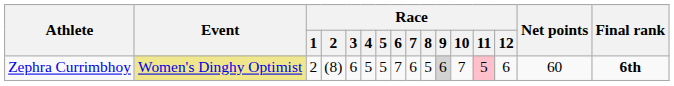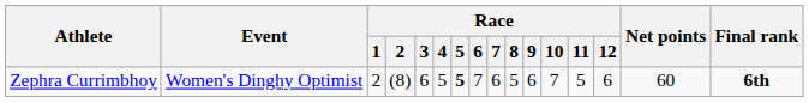 <table class="wikitable" border="1" style="font-size:90%">
 <tr>
 <th rowspan=2>Athlete</th>
 <th rowspan=2>Event</th>
 <th colspan=12>Race</th>
 <th rowspan=2>Net points</th>
 <th rowspan=2>Final rank</th>
 </tr>
 <tr>
 <th>1</th>
 <th>2</th>
 <th>3</th>
 <th>4</th>
 <th>5</th>
 <th>6</th>
 <th>7</th>
 <th>8</th>
 <th>9</th>
 <th>10</th>
 <th>11</th>
 <th>12</th>
 </tr>
 <tr align=center>
 <td align=left><a href='#'>Zephra Currimbhoy</a></td>
-<td align=left style="background: khaki;"><a href='#'>Women's Dinghy Optimist</a></td>
+<td align=left><a href='#'>Women's Dinghy Optimist</a></td>
 <td>2</td>
 <td>(8)</td>
 <td>6</td>
 <td>5</td>
-<td>5</td>
+<td><strong>5</strong></td>
 <td>7</td>
 <td>6</td>
 <td>5</td>
-<td style="background: lightgrey;">6</td>
+<td>6</td>
 <td>7</td>
-<td style="background: pink;">5</td>
+<td>5</td>
 <td>6</td>
 <td>60</td>
 <td><strong>6th</strong></td>
 </tr>
 </table>
